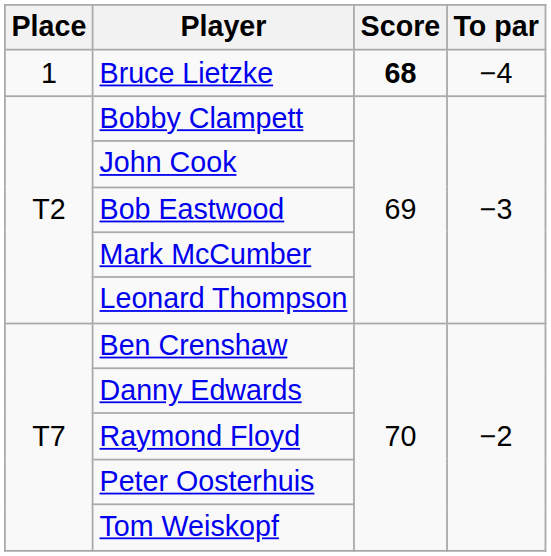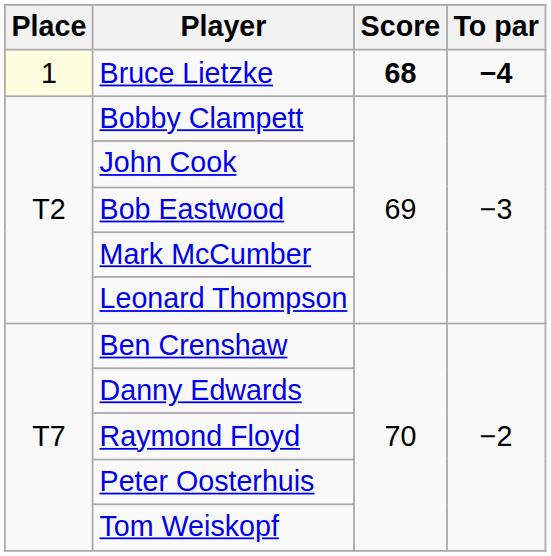 <table class="wikitable">
 <tr>
 <th>Place</th>
 <th>Player</th>
 <th>Score</th>
 <th>To par</th>
 </tr>
 <tr>
-<td align=center>1</td>
+<td align=center style="background: lightyellow;">1</td>
 <td> <a href='#'>Bruce Lietzke</a></td>
 <td align=center><strong>68</strong></td>
-<td align=center>−4</td>
+<td align=center><strong>−4</strong></td>
 </tr>
 <tr>
 <td rowspan=5 align=center>T2</td>
 <td> <a href='#'>Bobby Clampett</a></td>
 <td rowspan=5 align=center>69</td>
 <td rowspan=5 align=center>−3</td>
 </tr>
 <tr>
 <td> <a href='#'>John Cook</a></td>
 </tr>
 <tr>
 <td> <a href='#'>Bob Eastwood</a></td>
 </tr>
 <tr>
 <td> <a href='#'>Mark McCumber</a></td>
 </tr>
 <tr>
 <td> <a href='#'>Leonard Thompson</a></td>
 </tr>
 <tr>
 <td rowspan=5 align=center>T7</td>
 <td> <a href='#'>Ben Crenshaw</a></td>
 <td rowspan=5 align=center>70</td>
 <td rowspan=5 align=center>−2</td>
 </tr>
 <tr>
 <td> <a href='#'>Danny Edwards</a></td>
 </tr>
 <tr>
 <td> <a href='#'>Raymond Floyd</a></td>
 </tr>
 <tr>
 <td> <a href='#'>Peter Oosterhuis</a></td>
 </tr>
 <tr>
 <td> <a href='#'>Tom Weiskopf</a></td>
 </tr>
 </table>
